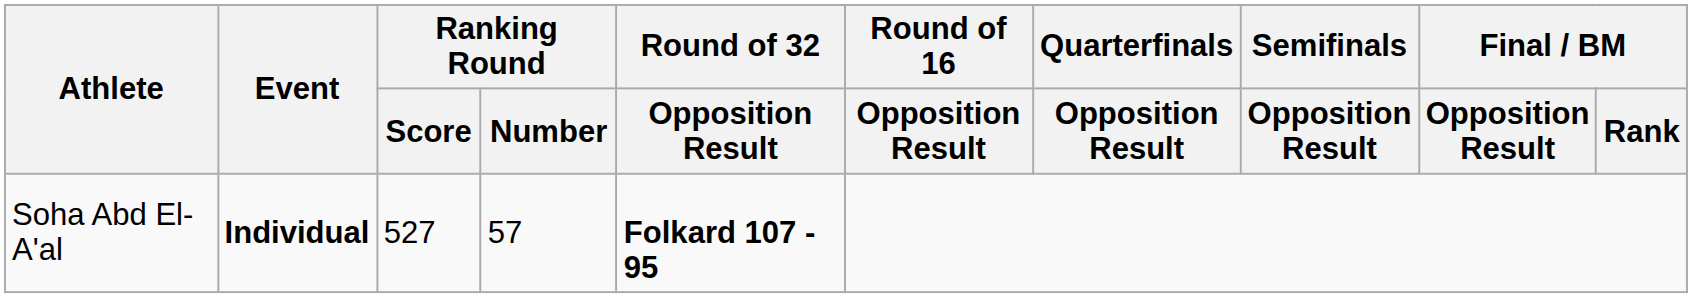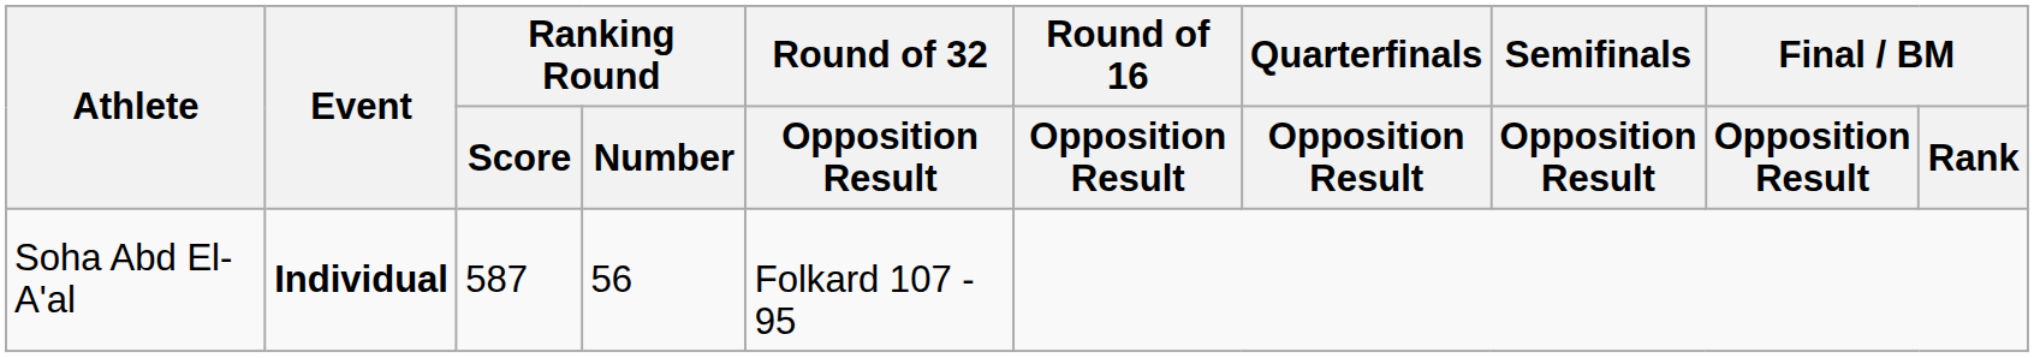 <table class="wikitable">
 <tr>
 <th rowspan="2">Athlete</th>
 <th rowspan="2">Event</th>
 <th colspan="2">Ranking Round</th>
 <th>Round of 32</th>
 <th>Round of 16</th>
 <th>Quarterfinals</th>
 <th>Semifinals</th>
 <th colspan="2">Final / <abbr>BM</abbr></th>
 </tr>
 <tr>
 <th>Score</th>
 <th>Number</th>
 <th>Opposition<br>Result</th>
 <th>Opposition<br>Result</th>
 <th>Opposition<br>Result</th>
 <th>Opposition<br>Result</th>
 <th>Opposition<br>Result</th>
 <th>Rank</th>
 </tr>
 <tr>
 <td>Soha Abd El- A'al</td>
 <td><strong>Individual</strong></td>
-<td>527</td>
-<td>57</td>
-<td><strong><br>Folkard 107 - 95</strong></td>
+<td>587</td>
+<td>56</td>
+<td><br>Folkard 107 - 95</td>
 <td colspan="5"></td>
 </tr>
 </table>
